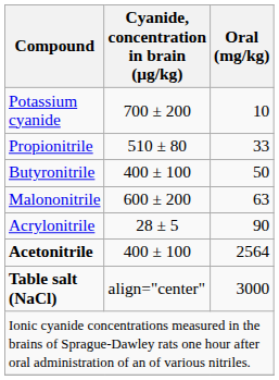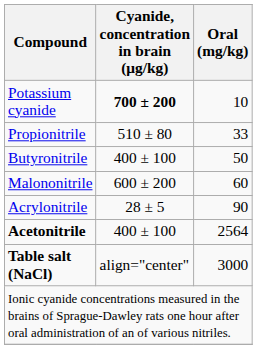 <table class="wikitable" width=30%>
 <tr>
 <th>Compound</th>
 <th>Cyanide, concentration in brain (μg/kg)</th>
 <th>Oral  (mg/kg)</th>
 </tr>
 <tr>
 <td><a href='#'>Potassium cyanide</a></td>
-<td align="center">700 ± 200</td>
+<td align="center"><strong>700 ± 200</strong></td>
 <td align="right">10</td>
 </tr>
 <tr>
 <td><a href='#'>Propionitrile</a></td>
 <td align="center">510 ± 80</td>
 <td align="right">33</td>
 </tr>
 <tr>
 <td><a href='#'>Butyronitrile</a></td>
 <td align="center">400 ± 100</td>
 <td align="right">50</td>
 </tr>
 <tr>
 <td><a href='#'>Malononitrile</a></td>
 <td align="center">600 ± 200</td>
-<td align="right">63</td>
+<td align="right">60</td>
 </tr>
 <tr>
 <td><a href='#'>Acrylonitrile</a></td>
 <td align="center">28 ± 5</td>
 <td align="right">90</td>
 </tr>
 <tr>
 <td><strong>Acetonitrile</strong></td>
 <td align="center">400 ± 100</td>
 <td align="right">2564</td>
 </tr>
 <tr>
 <td><strong>Table salt (NaCl)</strong></td>
 <td>align="center" </td>
 <td align="right">3000</td>
 </tr>
 <tr>
 <td colspan=3><small>Ionic cyanide concentrations measured in the brains of Sprague-Dawley rats one hour after oral administration of an  of various nitriles.</small></td>
 </tr>
 <tr>
 </tr>
 </table>
